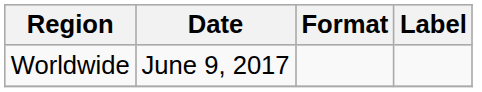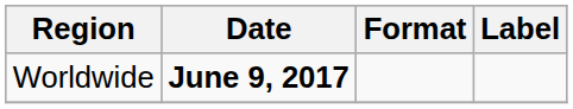 <table class="wikitable">
 <tr>
 <th>Region</th>
 <th>Date</th>
 <th>Format</th>
 <th>Label</th>
 </tr>
 <tr>
 <td>Worldwide</td>
-<td>June 9, 2017</td>
+<td><strong>June 9, 2017</strong></td>
 <td></td>
 <td></td>
 </tr>
 <tr>
 </tr>
 </table>
